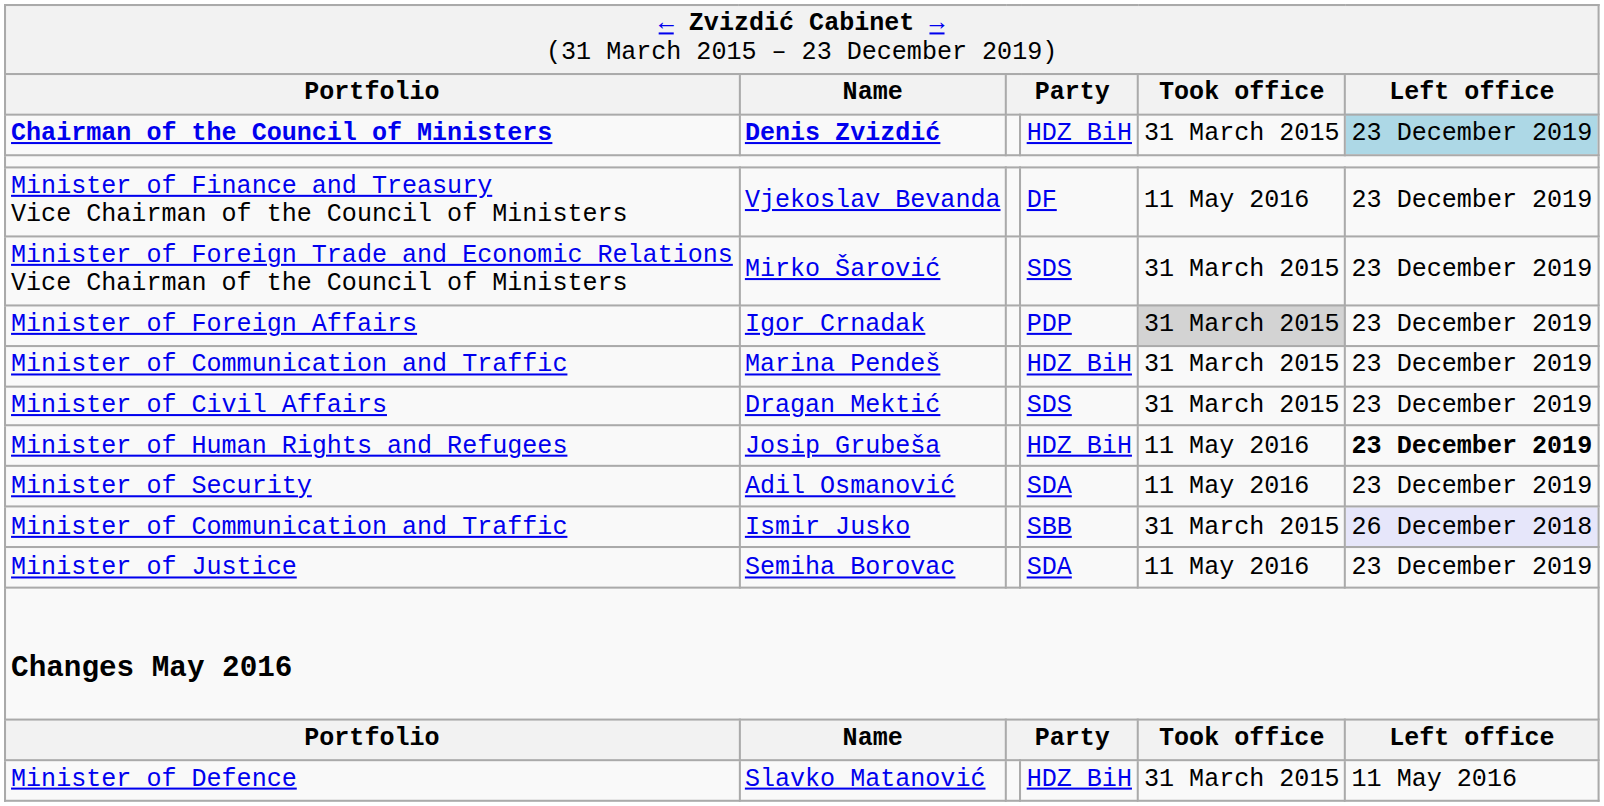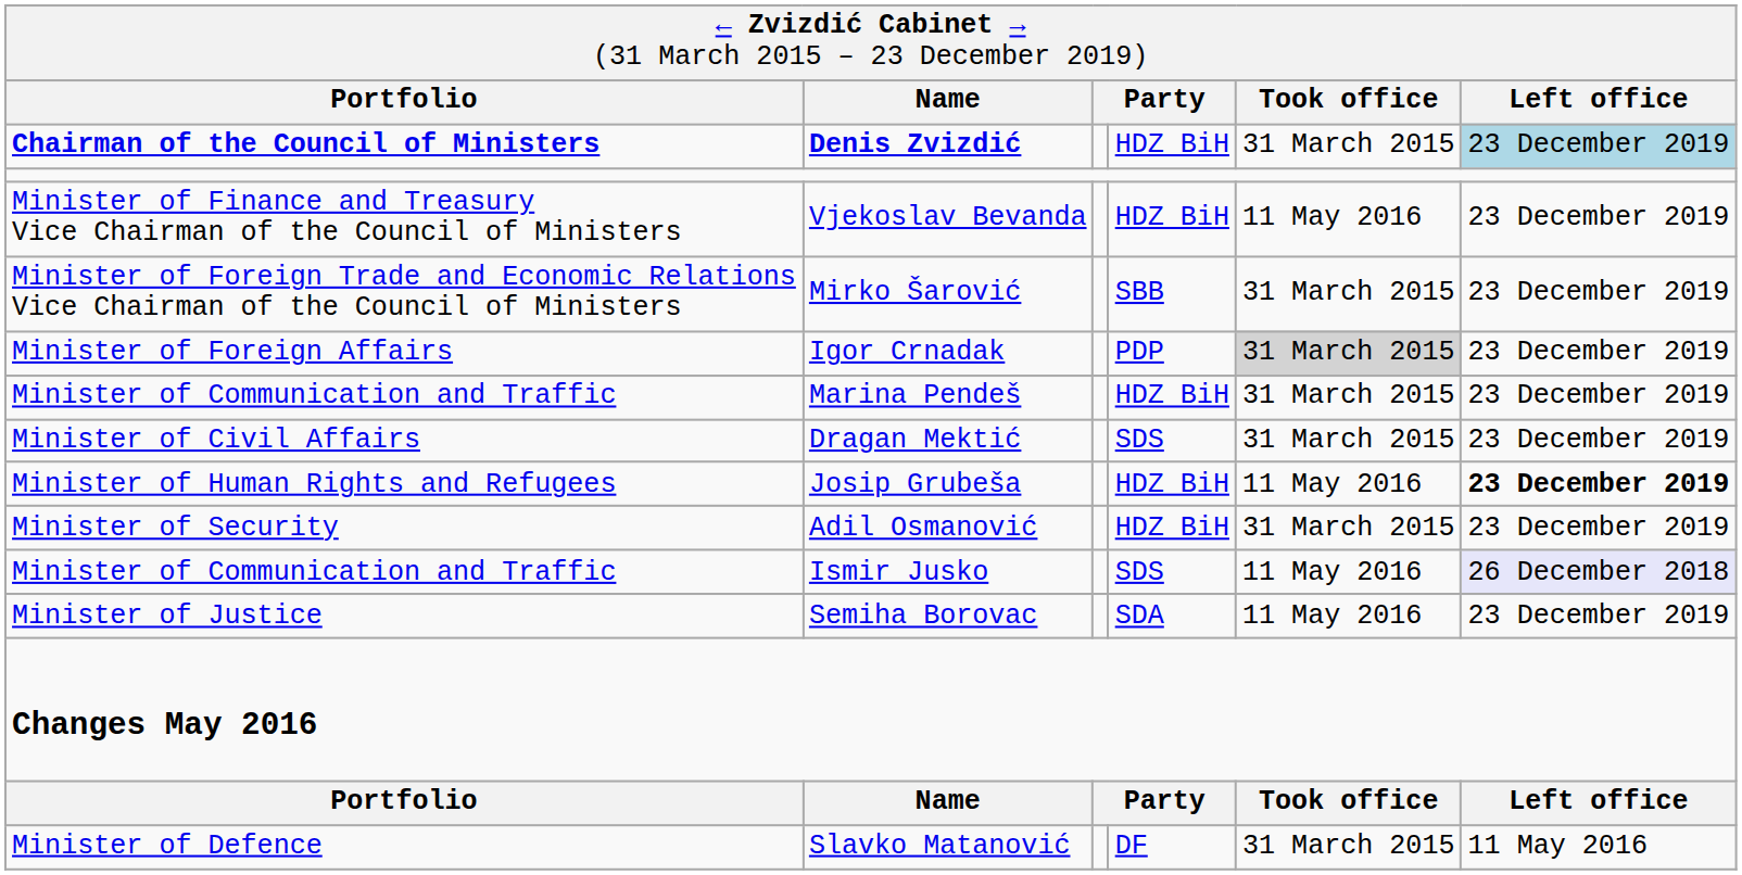 <table class="wikitable" style="font-size:95%;">
 <tr>
 <td colspan="7" bgcolor="#F2F2F2" align="center"><a href='#'>←</a> <strong>Zvizdić Cabinet</strong> <a href='#'>→</a> <br> (31 March 2015 – 23 December 2019)</td>
 </tr>
 <tr>
 <th>Portfolio</th>
 <th>Name</th>
 <th colspan="2">Party</th>
 <th>Took office</th>
 <th>Left office</th>
 </tr>
 <tr>
 <td><strong><a href='#'>Chairman of the Council of Ministers</a></strong></td>
 <td><strong><a href='#'>Denis Zvizdić</a></strong></td>
 <td width="1" style="background-color:"></td>
 <td><a href='#'>HDZ BiH</a></td>
 <td>31 March 2015</td>
 <td style="background: lightblue;">23 December 2019</td>
 </tr>
 <tr>
 <td colspan="7"></td>
 </tr>
 <tr>
 <td><a href='#'>Minister of Finance and Treasury</a> <br> Vice Chairman of the Council of Ministers</td>
 <td><a href='#'>Vjekoslav Bevanda</a></td>
 <td style="background-color:"></td>
-<td><a href='#'>DF</a></td>
+<td><a href='#'>HDZ BiH</a></td>
 <td>11 May 2016</td>
 <td>23 December 2019</td>
 </tr>
 <tr>
 <td><a href='#'>Minister of Foreign Trade and Economic Relations</a> <br> Vice Chairman of the Council of Ministers</td>
 <td><a href='#'>Mirko Šarović</a></td>
 <td style="background-color:"></td>
-<td><a href='#'>SDS</a></td>
+<td><a href='#'>SBB</a></td>
 <td>31 March 2015</td>
 <td>23 December 2019</td>
 </tr>
 <tr>
 <td><a href='#'>Minister of Foreign Affairs</a></td>
 <td><a href='#'>Igor Crnadak</a></td>
 <td style="background-color:"></td>
 <td><a href='#'>PDP</a></td>
 <td style="background: lightgrey;">31 March 2015</td>
 <td>23 December 2019</td>
 </tr>
 <tr>
 <td><a href='#'>Minister of Communication and Traffic</a></td>
 <td><a href='#'>Marina Pendeš</a></td>
 <td style="background-color:"></td>
 <td><a href='#'>HDZ BiH</a></td>
 <td>31 March 2015</td>
 <td>23 December 2019</td>
 </tr>
 <tr>
 <td><a href='#'>Minister of Civil Affairs</a></td>
 <td><a href='#'>Dragan Mektić</a></td>
 <td style="background-color:"></td>
 <td><a href='#'>SDS</a></td>
 <td>31 March 2015</td>
 <td>23 December 2019</td>
 </tr>
 <tr>
 <td><a href='#'>Minister of Human Rights and Refugees</a></td>
 <td><a href='#'>Josip Grubeša</a></td>
 <td style="background-color:"></td>
 <td><a href='#'>HDZ BiH</a></td>
 <td>11 May 2016</td>
 <td><strong>23 December 2019</strong></td>
 </tr>
 <tr>
 <td><a href='#'>Minister of Security</a></td>
 <td><a href='#'>Adil Osmanović</a></td>
 <td style="background-color:"></td>
-<td><a href='#'>SDA</a></td>
-<td>11 May 2016</td>
+<td><a href='#'>HDZ BiH</a></td>
+<td>31 March 2015</td>
 <td>23 December 2019</td>
 </tr>
 <tr>
 <td><a href='#'>Minister of Communication and Traffic</a></td>
 <td><a href='#'>Ismir Jusko</a></td>
 <td style="background-color:"></td>
-<td><a href='#'>SBB</a></td>
-<td>31 March 2015</td>
+<td><a href='#'>SDS</a></td>
+<td>11 May 2016</td>
 <td style="background: lavender;">26 December 2018</td>
 </tr>
 <tr>
 <td><a href='#'>Minister of Justice</a></td>
 <td><a href='#'>Semiha Borovac</a></td>
 <td style="background-color:"></td>
 <td><a href='#'>SDA</a></td>
 <td>11 May 2016</td>
 <td>23 December 2019</td>
 </tr>
 <tr>
 <td colspan="7"><br><h3>Changes May 2016</h3></td>
 </tr>
 <tr>
 <th>Portfolio</th>
 <th>Name</th>
 <th colspan="2">Party</th>
 <th>Took office</th>
 <th>Left office</th>
 </tr>
 <tr>
 <td><a href='#'>Minister of Defence</a></td>
 <td><a href='#'>Slavko Matanović</a></td>
 <td width="1" style="background-color:"></td>
-<td><a href='#'>HDZ BiH</a></td>
+<td><a href='#'>DF</a></td>
 <td>31 March 2015</td>
 <td>11 May 2016</td>
 </tr>
 </table>
